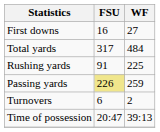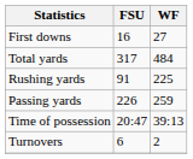 <table class="wikitable">
 <tr>
 <th>Statistics</th>
 <th>FSU</th>
 <th>WF</th>
 </tr>
 <tr>
 <td>First downs</td>
 <td>16</td>
 <td>27</td>
 </tr>
 <tr>
 <td>Total yards</td>
 <td>317</td>
 <td>484</td>
 </tr>
 <tr>
 <td>Rushing yards</td>
 <td>91</td>
 <td>225</td>
 </tr>
 <tr>
 <td>Passing yards</td>
-<td style="background: khaki;">226</td>
+<td>226</td>
 <td>259</td>
+</tr>
+<tr>
+<td>Time of possession</td>
+<td>20:47</td>
+<td>39:13</td>
 </tr>
 <tr>
 <td>Turnovers</td>
 <td>6</td>
 <td>2</td>
 </tr>
 <tr>
-<td>Time of possession</td>
-<td>20:47</td>
-<td>39:13</td>
-</tr>
-<tr>
 </tr>
 </table>
